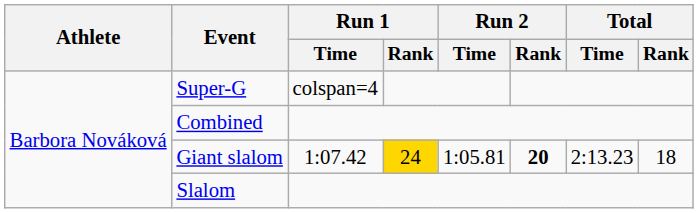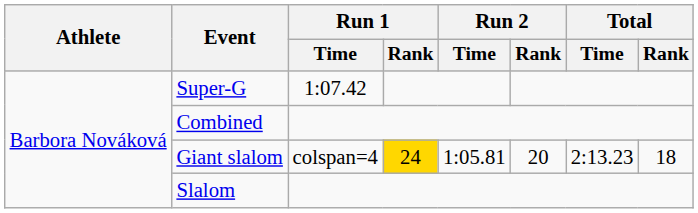 <table class="wikitable" style="font-size:90%">
 <tr>
 <th rowspan=2>Athlete</th>
 <th rowspan=2>Event</th>
 <th colspan=2>Run 1</th>
 <th colspan=2>Run 2</th>
 <th colspan=2>Total</th>
 </tr>
 <tr style="font-size:95%">
 <th>Time</th>
 <th>Rank</th>
 <th>Time</th>
 <th>Rank</th>
 <th>Time</th>
 <th>Rank</th>
 </tr>
 <tr align=center>
 <td align="left" rowspan="4"><a href='#'>Barbora Nováková</a></td>
 <td align="left"><a href='#'>Super-G</a></td>
-<td>colspan=4</td>
+<td>1:07.42</td>
 <td colspan=2></td>
 </tr>
 <tr align=center>
 <td align="left"><a href='#'>Combined</a></td>
 <td colspan=6></td>
 </tr>
 <tr align=center>
 <td align="left"><a href='#'>Giant slalom</a></td>
-<td>1:07.42</td>
+<td>colspan=4</td>
 <td style="background: gold;">24</td>
 <td>1:05.81</td>
-<td><strong>20</strong></td>
+<td>20</td>
 <td>2:13.23</td>
 <td>18</td>
 </tr>
 <tr align=center>
 <td align="left"><a href='#'>Slalom</a></td>
 <td colspan=6></td>
 </tr>
 </table>
